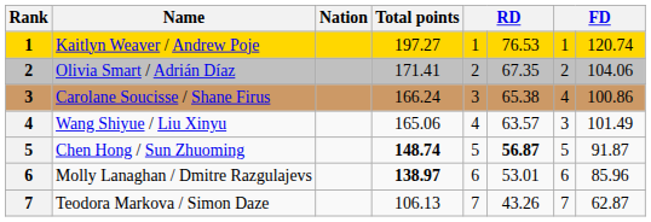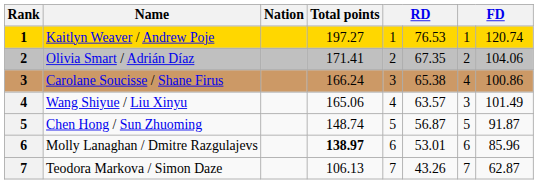 <table class="wikitable sortable">
 <tr>
 <th>Rank</th>
 <th>Name</th>
 <th>Nation</th>
 <th>Total points</th>
 <th colspan="2" width="80px"><a href='#'>RD</a></th>
 <th colspan="2" width="80px"><a href='#'>FD</a></th>
 </tr>
 <tr bgcolor="gold">
 <td align="center"><strong>1</strong></td>
 <td><a href='#'>Kaitlyn Weaver</a> / <a href='#'>Andrew Poje</a></td>
 <td></td>
 <td align="center">197.27</td>
 <td align="center">1</td>
 <td align="center">76.53</td>
 <td align="center">1</td>
 <td align="center">120.74</td>
 </tr>
 <tr bgcolor="silver">
 <td align="center"><strong>2</strong></td>
 <td><a href='#'>Olivia Smart</a> / <a href='#'>Adrián Díaz</a></td>
 <td></td>
 <td align="center">171.41</td>
 <td align="center">2</td>
 <td align="center">67.35</td>
 <td align="center">2</td>
 <td align="center">104.06</td>
 </tr>
 <tr bgcolor="cc9966">
 <td align="center"><strong>3</strong></td>
 <td><a href='#'>Carolane Soucisse</a> / <a href='#'>Shane Firus</a></td>
 <td></td>
 <td align="center">166.24</td>
 <td align="center">3</td>
 <td align="center">65.38</td>
 <td align="center">4</td>
 <td align="center">100.86</td>
 </tr>
 <tr>
 <th>4</th>
 <td><a href='#'>Wang Shiyue</a> / <a href='#'>Liu Xinyu</a></td>
 <td></td>
 <td align="center">165.06</td>
 <td align="center">4</td>
 <td align="center">63.57</td>
 <td align="center">3</td>
 <td align="center">101.49</td>
 </tr>
 <tr>
 <th>5</th>
 <td><a href='#'>Chen Hong</a> / <a href='#'>Sun Zhuoming</a></td>
 <td></td>
-<td align="center"><strong>148.74</strong></td>
+<td align="center">148.74</td>
 <td align="center">5</td>
-<td align="center"><strong>56.87</strong></td>
+<td align="center">56.87</td>
 <td align="center">5</td>
 <td align="center">91.87</td>
 </tr>
 <tr>
 <th>6</th>
 <td>Molly Lanaghan / Dmitre Razgulajevs</td>
 <td></td>
 <td align="center"><strong>138.97</strong></td>
 <td align="center">6</td>
 <td align="center">53.01</td>
 <td align="center">6</td>
 <td align="center">85.96</td>
 </tr>
 <tr>
 <th>7</th>
 <td>Teodora Markova / Simon Daze</td>
 <td></td>
 <td align="center">106.13</td>
 <td align="center">7</td>
 <td align="center">43.26</td>
 <td align="center">7</td>
 <td align="center">62.87</td>
 </tr>
 </table>
